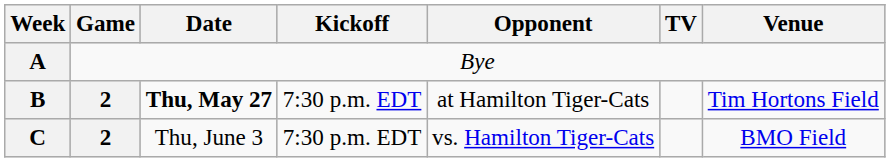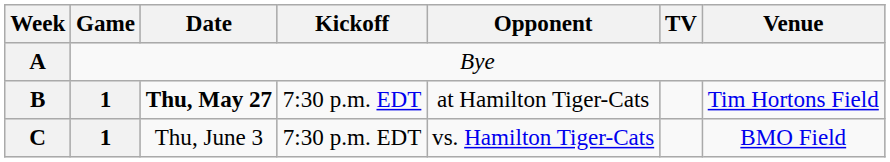 <table class="wikitable" style="font-size: 95%;">
 <tr>
 <th scope="col">Week</th>
 <th scope="col">Game</th>
 <th scope="col">Date</th>
 <th scope="col">Kickoff</th>
 <th scope="col">Opponent</th>
 <th scope="col">TV</th>
 <th scope="col">Venue</th>
 </tr>
 <tr style= bgcolor="ffffff">
 <th align="center">A</th>
 <td colspan=10 align="center" valign="middle"><em>Bye</em></td>
 </tr>
 <tr style= bgcolor="ffffff">
 <th align="center">B</th>
-<th align="center">2</th>
+<th align="center">1</th>
 <td align="center"><strong>Thu, May 27</strong></td>
 <td align="center">7:30 p.m. <a href='#'>EDT</a></td>
 <td align="center">at Hamilton Tiger-Cats</td>
 <td align="center"></td>
 <td align="center"><a href='#'>Tim Hortons Field</a></td>
 </tr>
 <tr style= bgcolor="ffffff">
 <th align="center">C</th>
-<th align="center">2</th>
+<th align="center">1</th>
 <td align="center">Thu, June 3</td>
 <td align="center">7:30 p.m. EDT</td>
 <td align="center">vs. <a href='#'>Hamilton Tiger-Cats</a></td>
 <td align="center"></td>
 <td align="center"><a href='#'>BMO Field</a></td>
 </tr>
 </table>
